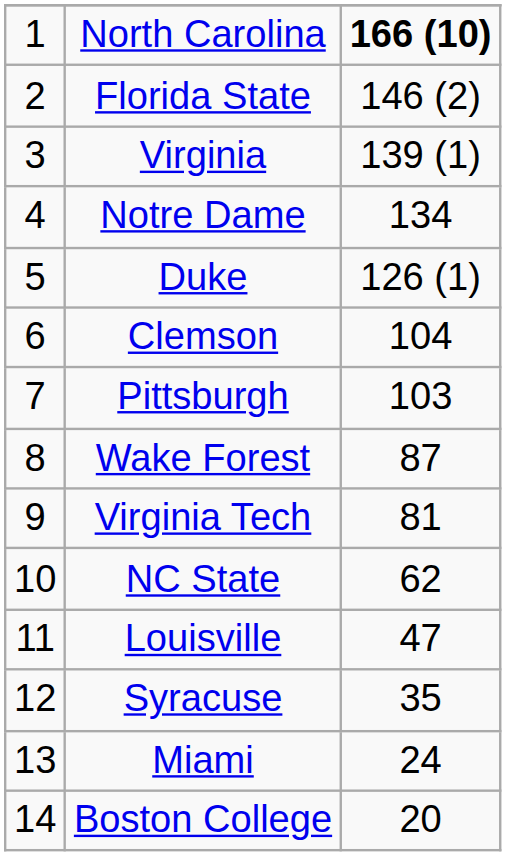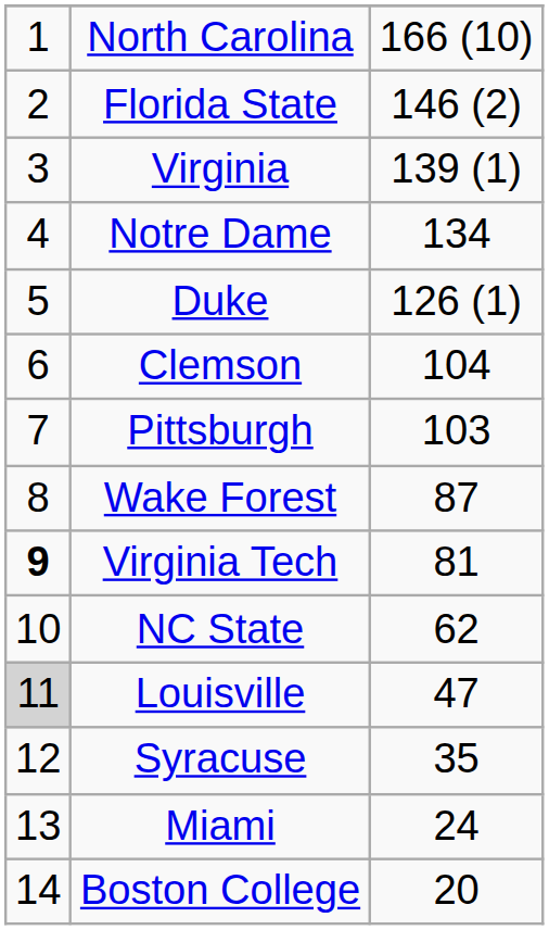 <table class="wikitable" style="display: inline-table;">
 <tr align="center">
 </tr>
 <tr align="center">
 <td>1</td>
 <td><a href='#'>North Carolina</a></td>
-<td><strong>166 (10)</strong></td>
+<td>166 (10)</td>
 </tr>
 <tr align="center">
 <td>2</td>
 <td><a href='#'>Florida State</a></td>
 <td>146 (2)</td>
 </tr>
 <tr align="center">
 <td>3</td>
 <td><a href='#'>Virginia</a></td>
 <td>139 (1)</td>
 </tr>
 <tr align="center">
 <td>4</td>
 <td><a href='#'>Notre Dame</a></td>
 <td>134</td>
 </tr>
 <tr align="center">
 <td>5</td>
 <td><a href='#'>Duke</a></td>
 <td>126 (1)</td>
 </tr>
 <tr align="center">
 <td>6</td>
 <td><a href='#'>Clemson</a></td>
 <td>104</td>
 </tr>
 <tr align="center">
 <td>7</td>
 <td><a href='#'>Pittsburgh</a></td>
 <td>103</td>
 </tr>
 <tr align="center">
 <td>8</td>
 <td><a href='#'>Wake Forest</a></td>
 <td>87</td>
 </tr>
 <tr align="center">
-<td>9</td>
+<td><strong>9</strong></td>
 <td><a href='#'>Virginia Tech</a></td>
 <td>81</td>
 </tr>
 <tr align="center">
 <td>10</td>
 <td><a href='#'>NC State</a></td>
 <td>62</td>
 </tr>
 <tr align="center">
-<td>11</td>
+<td style="background: lightgrey;">11</td>
 <td><a href='#'>Louisville</a></td>
 <td>47</td>
 </tr>
 <tr align="center">
 <td>12</td>
 <td><a href='#'>Syracuse</a></td>
 <td>35</td>
 </tr>
 <tr align="center">
 <td>13</td>
 <td><a href='#'>Miami</a></td>
 <td>24</td>
 </tr>
 <tr align="center">
 <td>14</td>
 <td><a href='#'>Boston College</a></td>
 <td>20</td>
 </tr>
 </table>
